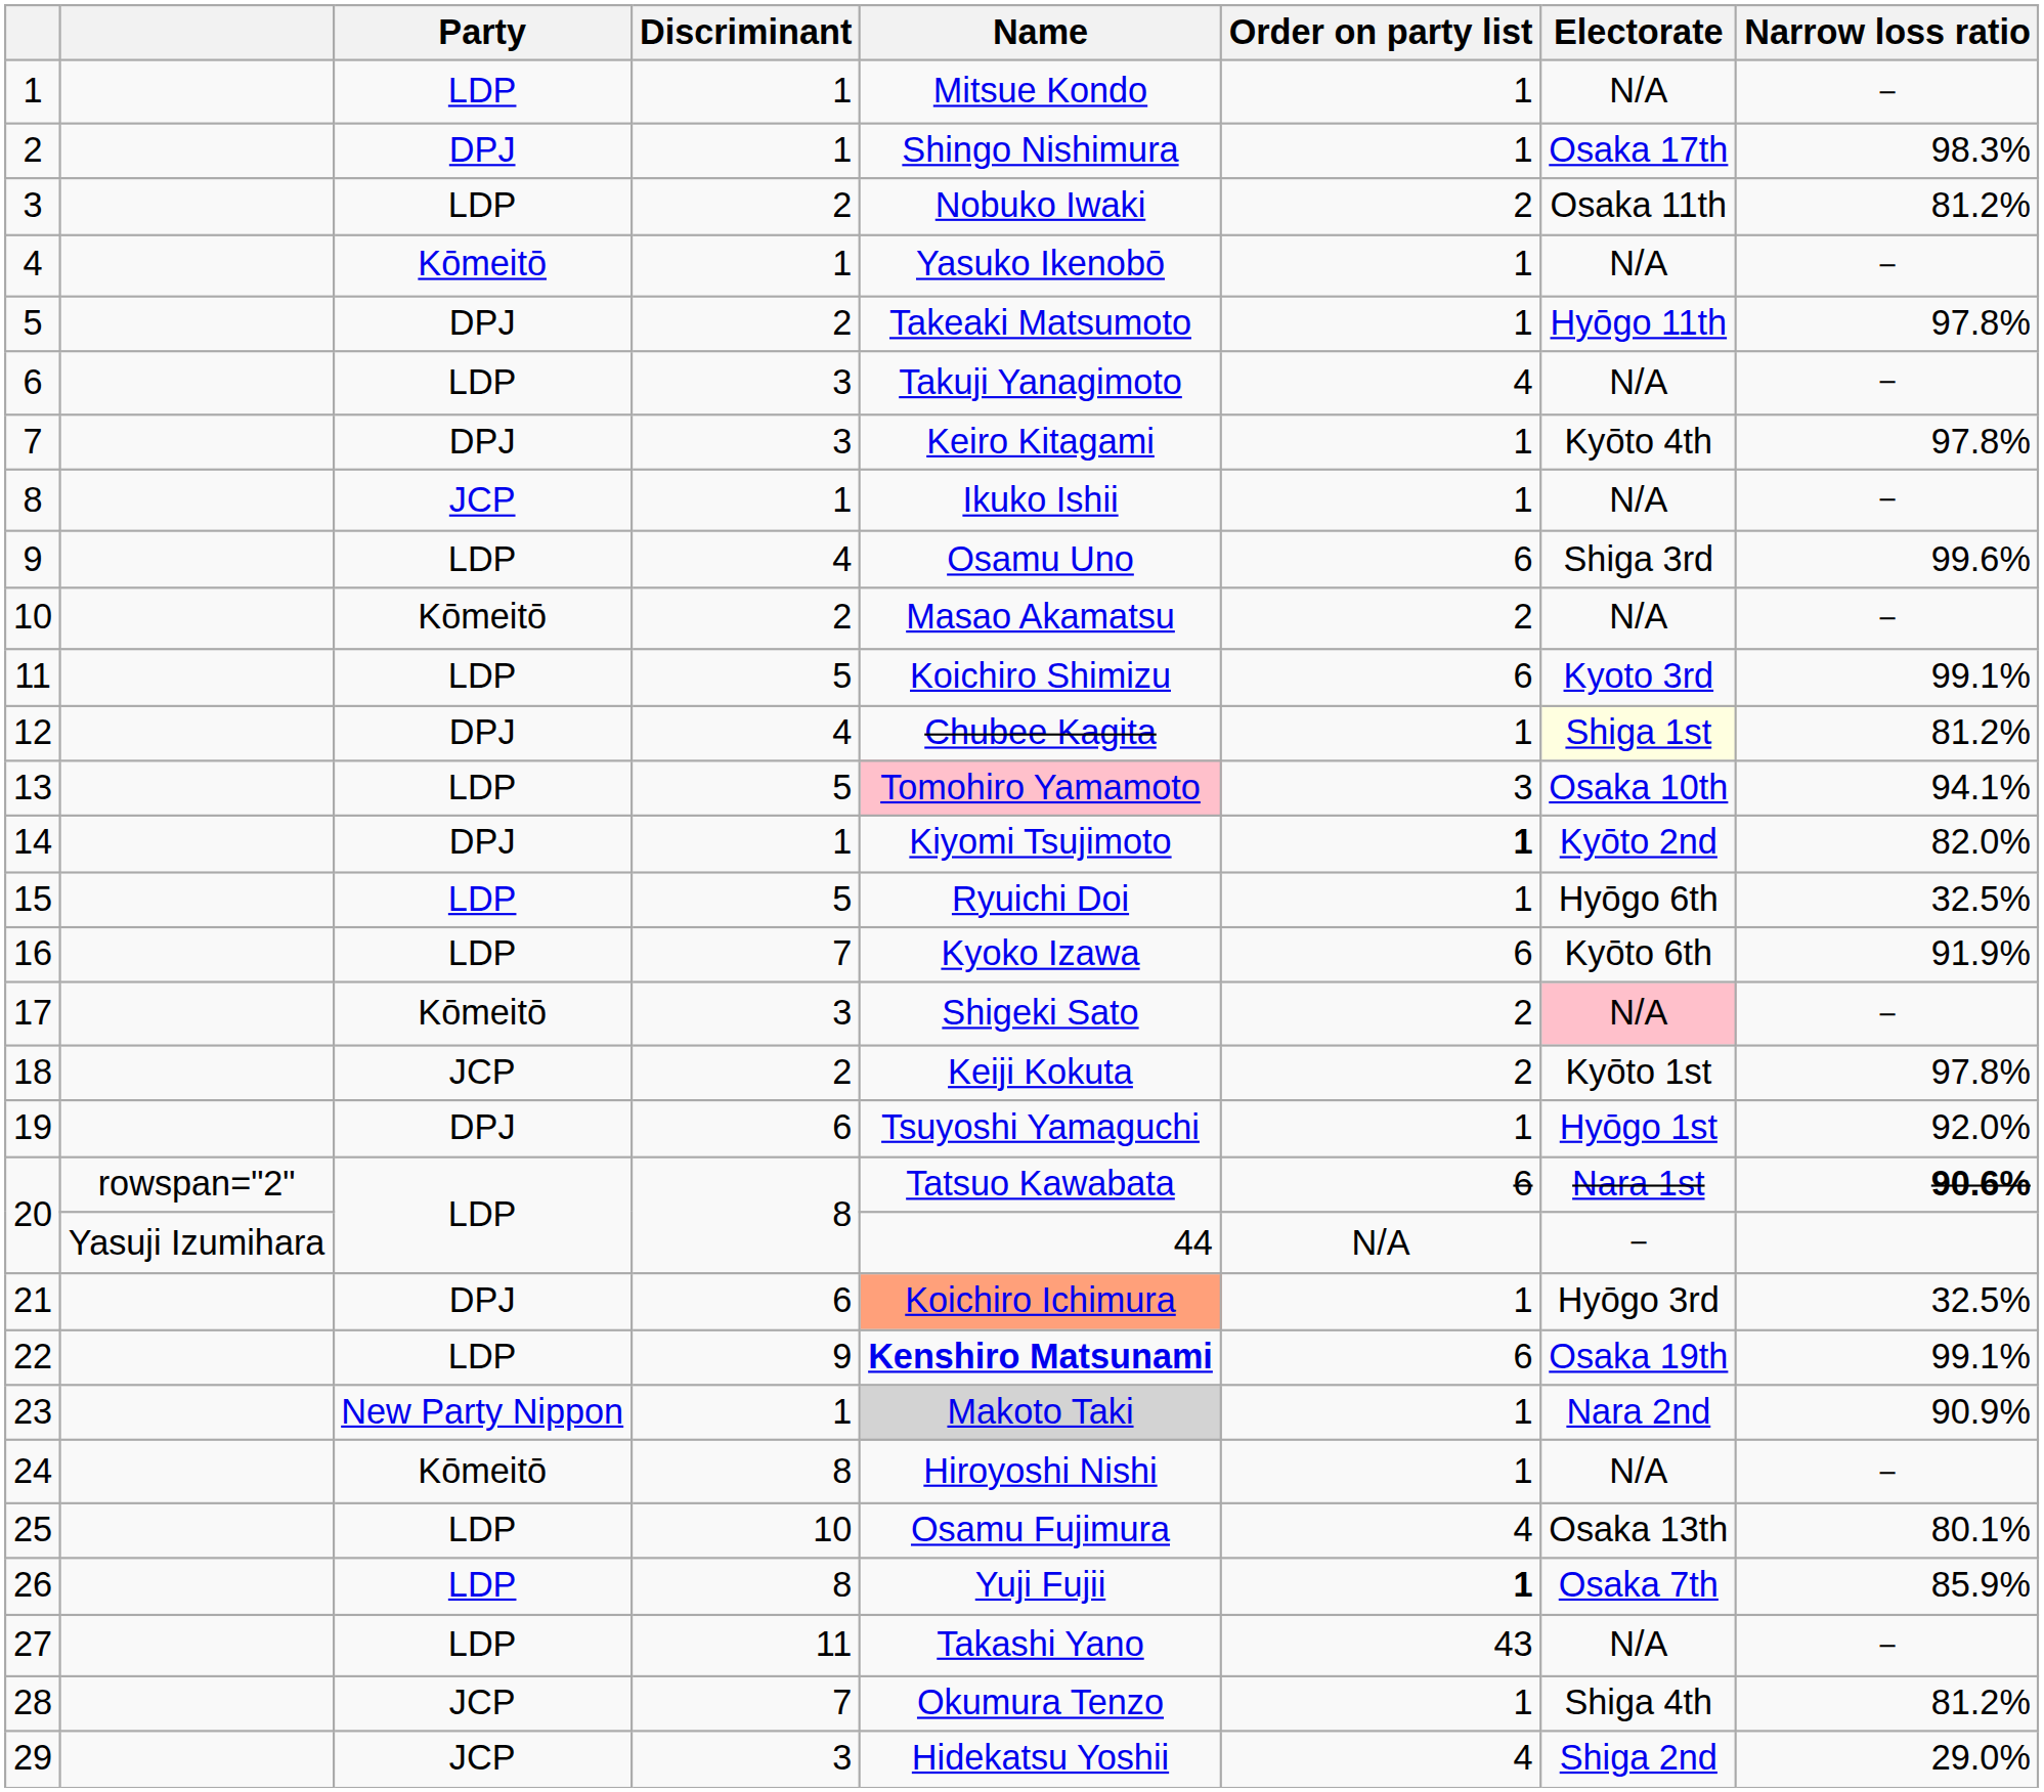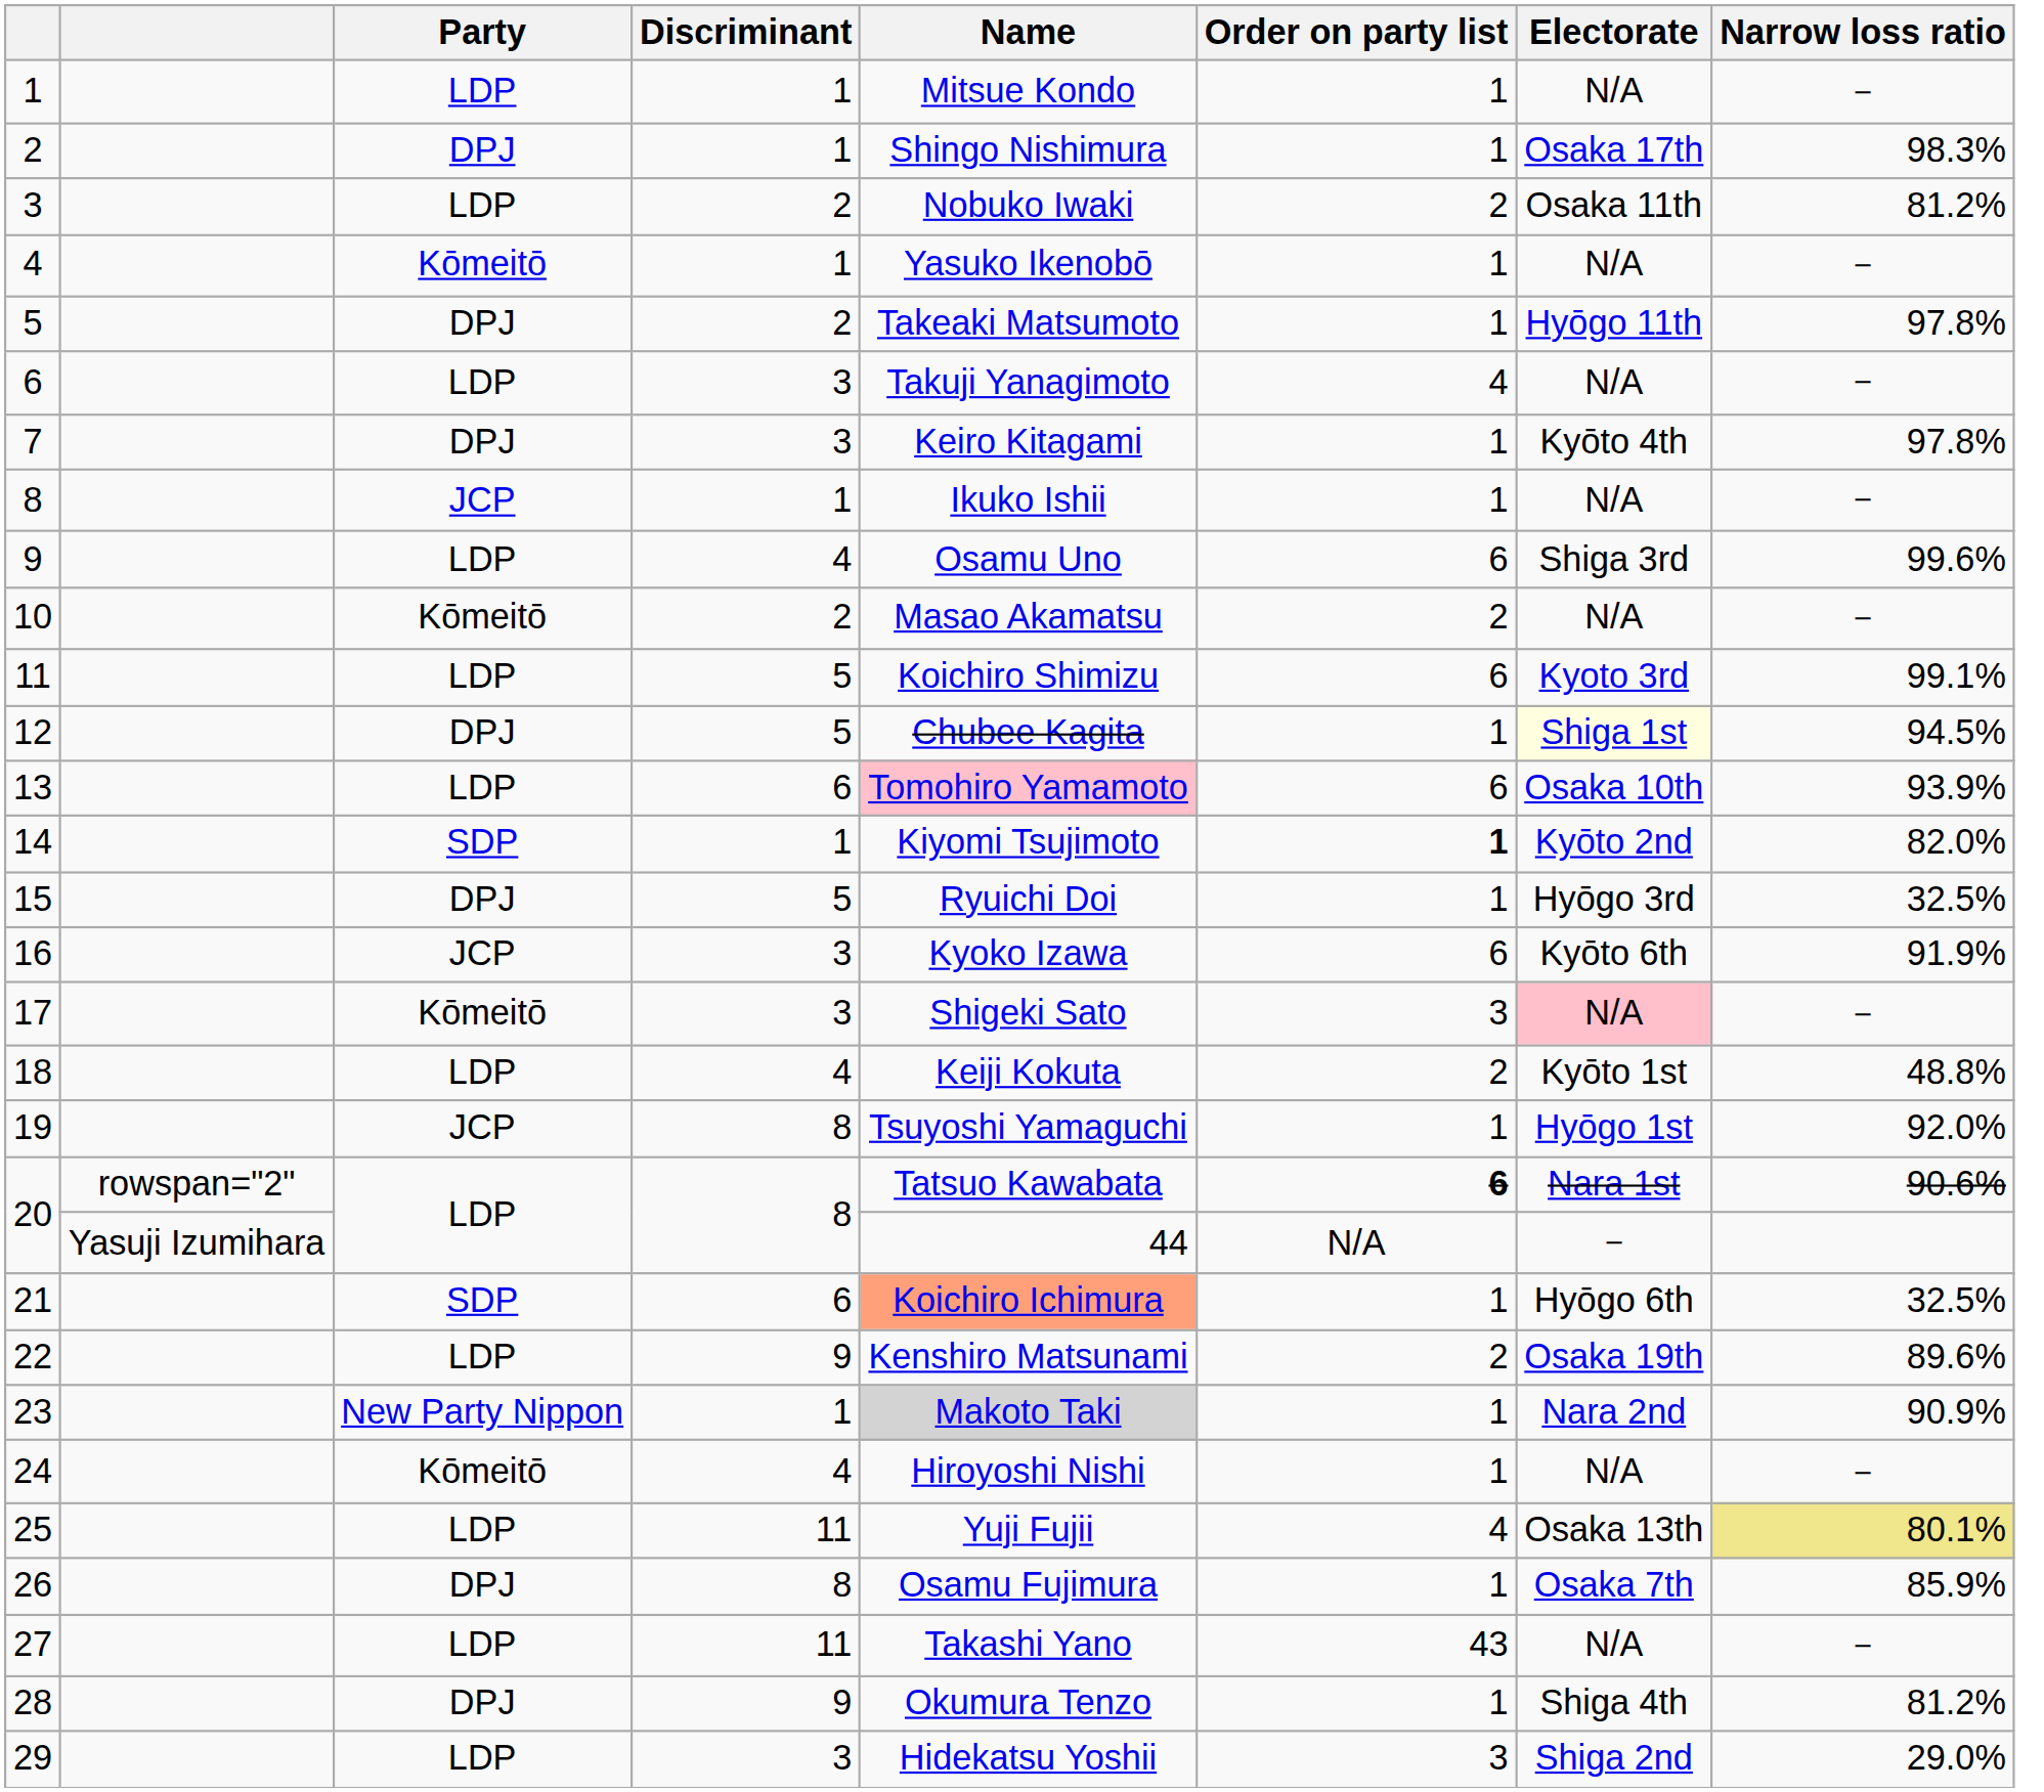 <table class="wikitable sortable" style="text-align:center;">
 <tr>
 <th></th>
 <th></th>
 <th>Party</th>
 <th>Discriminant</th>
 <th>Name</th>
 <th>Order on party list</th>
 <th>Electorate</th>
 <th>Narrow loss ratio</th>
 </tr>
 <tr>
 <td>1</td>
 <td></td>
 <td><a href='#'>LDP</a></td>
 <td style="text-align: right;">1</td>
 <td><a href='#'>Mitsue Kondo</a></td>
 <td style="text-align: right;">1</td>
 <td>N/A</td>
 <td>－</td>
 </tr>
 <tr>
 <td>2</td>
 <td></td>
 <td><a href='#'>DPJ</a></td>
 <td style="text-align: right;">1</td>
 <td><a href='#'>Shingo Nishimura</a></td>
 <td style="text-align: right;">1</td>
 <td><a href='#'>Osaka 17th</a></td>
 <td style="text-align: right;">98.3%</td>
 </tr>
 <tr>
 <td>3</td>
 <td></td>
 <td>LDP</td>
 <td style="text-align: right;">2</td>
 <td><a href='#'>Nobuko Iwaki</a></td>
 <td style="text-align: right;">2</td>
 <td>Osaka 11th</td>
 <td style="text-align: right;">81.2%</td>
 </tr>
 <tr>
 <td>4</td>
 <td></td>
 <td><a href='#'>Kōmeitō</a></td>
 <td style="text-align: right;">1</td>
 <td><a href='#'>Yasuko Ikenobō</a></td>
 <td style="text-align: right;">1</td>
 <td>N/A</td>
 <td>－</td>
 </tr>
 <tr>
 <td>5</td>
 <td></td>
 <td>DPJ</td>
 <td style="text-align: right;">2</td>
 <td><a href='#'>Takeaki Matsumoto</a></td>
 <td style="text-align: right;">1</td>
 <td><a href='#'>Hyōgo 11th</a></td>
 <td style="text-align: right;">97.8%</td>
 </tr>
 <tr>
 <td>6</td>
 <td></td>
 <td>LDP</td>
 <td style="text-align: right;">3</td>
 <td><a href='#'>Takuji Yanagimoto</a></td>
 <td style="text-align: right;">4</td>
 <td>N/A</td>
 <td>－</td>
 </tr>
 <tr>
 <td>7</td>
 <td></td>
 <td>DPJ</td>
 <td style="text-align: right;">3</td>
 <td><a href='#'>Keiro Kitagami</a></td>
 <td style="text-align: right;">1</td>
 <td>Kyōto 4th</td>
 <td style="text-align: right;">97.8%</td>
 </tr>
 <tr>
 <td>8</td>
 <td></td>
 <td><a href='#'>JCP</a></td>
 <td style="text-align: right;">1</td>
 <td><a href='#'>Ikuko Ishii</a></td>
 <td style="text-align: right;">1</td>
 <td>N/A</td>
 <td>－</td>
 </tr>
 <tr>
 <td>9</td>
 <td></td>
 <td>LDP</td>
 <td style="text-align: right;">4</td>
 <td><a href='#'>Osamu Uno</a></td>
 <td style="text-align: right;">6</td>
 <td>Shiga 3rd</td>
 <td style="text-align: right;">99.6%</td>
 </tr>
 <tr>
 <td>10</td>
 <td></td>
 <td>Kōmeitō</td>
 <td style="text-align: right;">2</td>
 <td><a href='#'>Masao Akamatsu</a></td>
 <td style="text-align: right;">2</td>
 <td>N/A</td>
 <td>－</td>
 </tr>
 <tr>
 <td>11</td>
 <td></td>
 <td>LDP</td>
 <td style="text-align: right;">5</td>
 <td><a href='#'>Koichiro Shimizu</a></td>
 <td style="text-align: right;">6</td>
 <td><a href='#'>Kyoto 3rd</a></td>
 <td style="text-align: right;">99.1%</td>
 </tr>
 <tr>
 <td>12</td>
 <td></td>
 <td>DPJ</td>
-<td style="text-align: right;">4</td>
+<td style="text-align: right;">5</td>
 <td><del><a href='#'>Chubee Kagita</a></del></td>
 <td style="text-align: right;">1</td>
 <td style="background: lightyellow;"><a href='#'>Shiga 1st</a></td>
-<td style="text-align: right;">81.2%</td>
+<td style="text-align: right;">94.5%</td>
 </tr>
 <tr>
 <td>13</td>
 <td></td>
 <td>LDP</td>
-<td style="text-align: right;">5</td>
+<td style="text-align: right;">6</td>
 <td style="background: pink;"><a href='#'>Tomohiro Yamamoto</a></td>
-<td style="text-align: right;">3</td>
+<td style="text-align: right;">6</td>
 <td><a href='#'>Osaka 10th</a></td>
-<td style="text-align: right;">94.1%</td>
+<td style="text-align: right;">93.9%</td>
 </tr>
 <tr>
 <td>14</td>
 <td></td>
-<td>DPJ</td>
+<td><a href='#'>SDP</a></td>
 <td style="text-align: right;">1</td>
 <td><a href='#'>Kiyomi Tsujimoto</a></td>
 <td style="text-align: right;"><strong>1</strong></td>
 <td><a href='#'>Kyōto 2nd</a></td>
 <td style="text-align: right;">82.0%</td>
 </tr>
 <tr>
 <td>15</td>
 <td></td>
-<td><a href='#'>LDP</a></td>
+<td>DPJ</td>
 <td style="text-align: right;">5</td>
 <td><a href='#'>Ryuichi Doi</a></td>
 <td style="text-align: right;">1</td>
-<td>Hyōgo 6th</td>
+<td>Hyōgo 3rd</td>
 <td style="text-align: right;">32.5%</td>
 </tr>
 <tr>
 <td>16</td>
 <td></td>
-<td>LDP</td>
-<td style="text-align: right;">7</td>
+<td>JCP</td>
+<td style="text-align: right;">3</td>
 <td><a href='#'>Kyoko Izawa</a></td>
 <td style="text-align: right;">6</td>
 <td>Kyōto 6th</td>
 <td style="text-align: right;">91.9%</td>
 </tr>
 <tr>
 <td>17</td>
 <td></td>
 <td>Kōmeitō</td>
 <td style="text-align: right;">3</td>
 <td><a href='#'>Shigeki Sato</a></td>
-<td style="text-align: right;">2</td>
+<td style="text-align: right;">3</td>
 <td style="background: pink;">N/A</td>
 <td>－</td>
 </tr>
 <tr>
 <td>18</td>
 <td></td>
-<td>JCP</td>
-<td style="text-align: right;">2</td>
+<td>LDP</td>
+<td style="text-align: right;">4</td>
 <td><a href='#'>Keiji Kokuta</a></td>
 <td style="text-align: right;">2</td>
 <td>Kyōto 1st</td>
-<td style="text-align: right;">97.8%</td>
+<td style="text-align: right;">48.8%</td>
 </tr>
 <tr>
 <td>19</td>
 <td></td>
-<td>DPJ</td>
-<td style="text-align: right;">6</td>
+<td>JCP</td>
+<td style="text-align: right;">8</td>
 <td><a href='#'>Tsuyoshi Yamaguchi</a></td>
 <td style="text-align: right;">1</td>
 <td><a href='#'>Hyōgo 1st</a></td>
 <td style="text-align: right;">92.0%</td>
 </tr>
 <tr>
 <td rowspan="2">20</td>
 <td>rowspan="2" </td>
 <td rowspan="2">LDP</td>
 <td rowspan="2" style="text-align: right;">8</td>
 <td><a href='#'>Tatsuo Kawabata</a></td>
-<td style="text-align: right;"><del>6</del></td>
+<td style="text-align: right;"><strong><del>6</del></strong></td>
 <td><del><a href='#'>Nara 1st</a></del></td>
-<td style="text-align: right;"><strong><del>90.6%</del></strong></td>
+<td style="text-align: right;"><del>90.6%</del></td>
 </tr>
 <tr>
 <td>Yasuji Izumihara</td>
 <td style="text-align: right;">44</td>
 <td>N/A</td>
 <td>－</td>
 </tr>
 <tr>
 <td>21</td>
 <td></td>
-<td>DPJ</td>
+<td><a href='#'>SDP</a></td>
 <td style="text-align: right;">6</td>
 <td style="background: lightsalmon;"><a href='#'>Koichiro Ichimura</a></td>
 <td style="text-align: right;">1</td>
-<td>Hyōgo 3rd</td>
+<td>Hyōgo 6th</td>
 <td style="text-align: right;">32.5%</td>
 </tr>
 <tr>
 <td>22</td>
 <td></td>
 <td>LDP</td>
 <td style="text-align: right;">9</td>
-<td><strong><a href='#'>Kenshiro Matsunami</a></strong></td>
-<td style="text-align: right;">6</td>
+<td><a href='#'>Kenshiro Matsunami</a></td>
+<td style="text-align: right;">2</td>
 <td><a href='#'>Osaka 19th</a></td>
-<td style="text-align: right;">99.1%</td>
+<td style="text-align: right;">89.6%</td>
 </tr>
 <tr>
 <td>23</td>
 <td></td>
 <td><a href='#'>New Party Nippon</a></td>
 <td style="text-align: right;">1</td>
 <td style="background: lightgrey;"><a href='#'>Makoto Taki</a></td>
 <td style="text-align: right;">1</td>
 <td><a href='#'>Nara 2nd</a></td>
 <td style="text-align: right;">90.9%</td>
 </tr>
 <tr>
 <td>24</td>
 <td></td>
 <td>Kōmeitō</td>
-<td style="text-align: right;">8</td>
+<td style="text-align: right;">4</td>
 <td><a href='#'>Hiroyoshi Nishi</a></td>
 <td style="text-align: right;">1</td>
 <td>N/A</td>
 <td>－</td>
 </tr>
 <tr>
 <td>25</td>
 <td></td>
 <td>LDP</td>
-<td style="text-align: right;">10</td>
-<td><a href='#'>Osamu Fujimura</a></td>
+<td style="text-align: right;">11</td>
+<td><a href='#'>Yuji Fujii</a></td>
 <td style="text-align: right;">4</td>
 <td>Osaka 13th</td>
-<td style="text-align: right;">80.1%</td>
+<td style="background: khaki; text-align: right;">80.1%</td>
 </tr>
 <tr>
 <td>26</td>
 <td></td>
-<td><a href='#'>LDP</a></td>
+<td>DPJ</td>
 <td style="text-align: right;">8</td>
-<td><a href='#'>Yuji Fujii</a></td>
-<td style="text-align: right;"><strong>1</strong></td>
+<td><a href='#'>Osamu Fujimura</a></td>
+<td style="text-align: right;">1</td>
 <td><a href='#'>Osaka 7th</a></td>
 <td style="text-align: right;">85.9%</td>
 </tr>
 <tr>
 <td>27</td>
 <td></td>
 <td>LDP</td>
 <td style="text-align: right;">11</td>
 <td><a href='#'>Takashi Yano</a></td>
 <td style="text-align: right;">43</td>
 <td>N/A</td>
 <td>－</td>
 </tr>
 <tr>
 <td>28</td>
 <td></td>
-<td>JCP</td>
-<td style="text-align: right;">7</td>
+<td>DPJ</td>
+<td style="text-align: right;">9</td>
 <td><a href='#'>Okumura Tenzo</a></td>
 <td style="text-align: right;">1</td>
 <td>Shiga 4th</td>
 <td style="text-align: right;">81.2%</td>
 </tr>
 <tr>
 <td>29</td>
 <td></td>
-<td>JCP</td>
+<td>LDP</td>
 <td style="text-align: right;">3</td>
 <td><a href='#'>Hidekatsu Yoshii</a></td>
-<td style="text-align: right;">4</td>
+<td style="text-align: right;">3</td>
 <td><a href='#'>Shiga 2nd</a></td>
 <td style="text-align: right;">29.0%</td>
 </tr>
 </table>
